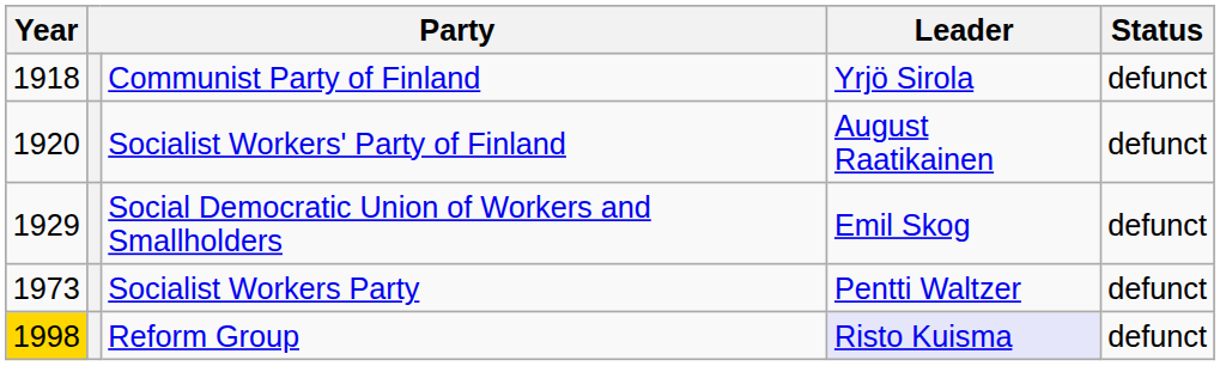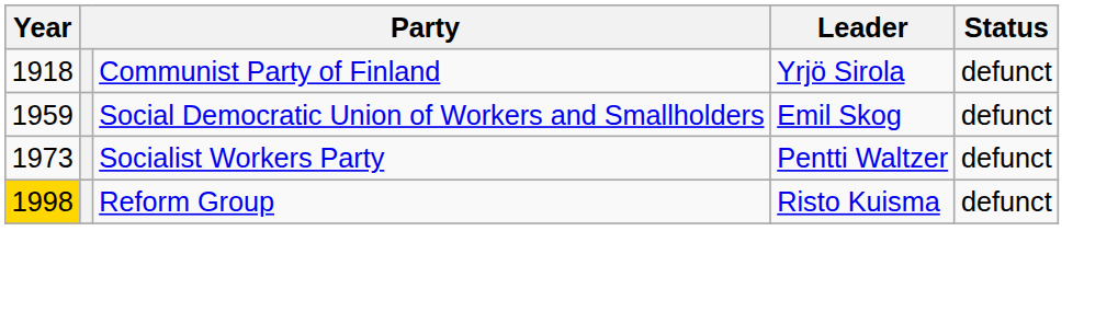 <table class="sortable wikitable" style="font-size: 95%;">
 <tr>
 <th>Year</th>
 <th colspan=2>Party</th>
 <th>Leader</th>
 <th>Status</th>
 </tr>
 <tr>
 <td>1918</td>
 <th style="background-color: "></th>
 <td><a href='#'>Communist Party of Finland</a></td>
 <td><a href='#'>Yrjö Sirola</a></td>
 <td>defunct</td>
 </tr>
 <tr>
-<td>1920</td>
-<th style="background-color: "></th>
-<td><a href='#'>Socialist Workers' Party of Finland</a></td>
-<td><a href='#'>August Raatikainen</a></td>
-<td>defunct</td>
-</tr>
-<tr>
-<td>1929</td>
+<td>1959</td>
 <th style="background-color: "></th>
 <td><a href='#'>Social Democratic Union of Workers and Smallholders</a></td>
 <td><a href='#'>Emil Skog</a></td>
 <td>defunct</td>
 </tr>
 <tr>
 <td>1973</td>
 <th style="background-color: "></th>
 <td><a href='#'>Socialist Workers Party</a></td>
 <td><a href='#'>Pentti Waltzer</a></td>
 <td>defunct</td>
 </tr>
 <tr>
 <td style="background: gold;">1998</td>
 <th style="background-color: "></th>
 <td><a href='#'>Reform Group</a></td>
-<td style="background: lavender;"><a href='#'>Risto Kuisma</a></td>
+<td><a href='#'>Risto Kuisma</a></td>
 <td>defunct</td>
 </tr>
 </table>
